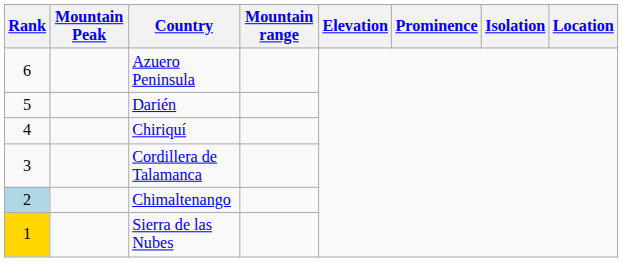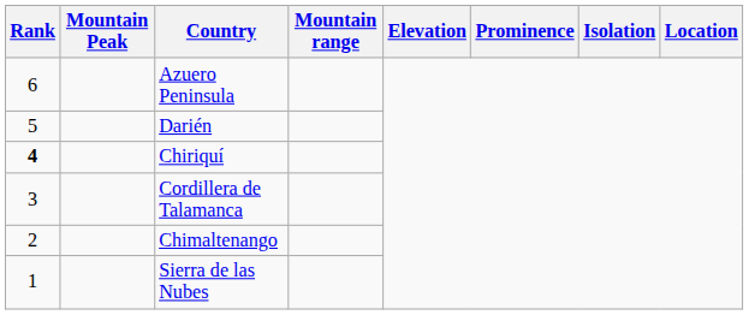 <table class="wikitable sortable">
 <tr>
 <th><a href='#'>Rank</a></th>
 <th><a href='#'>Mountain Peak</a></th>
 <th><a href='#'>Country</a></th>
 <th><a href='#'>Mountain range</a></th>
 <th><a href='#'>Elevation</a></th>
 <th><a href='#'>Prominence</a></th>
 <th><a href='#'>Isolation</a></th>
 <th><a href='#'>Location</a></th>
 </tr>
 <tr>
 <td align=center>6<br></td>
 <td></td>
 <td><a href='#'>Azuero Peninsula</a><br></td>
 <td></td>
 </tr>
 <tr>
 <td align=center>5<br></td>
 <td></td>
 <td><a href='#'>Darién</a><br></td>
 <td></td>
 </tr>
 <tr>
-<td align=center>4<br></td>
+<td align=center><strong>4<br></strong></td>
 <td></td>
 <td><a href='#'>Chiriquí</a><br></td>
 <td></td>
 </tr>
 <tr>
 <td align=center>3<br></td>
 <td></td>
 <td><a href='#'>Cordillera de Talamanca</a><br></td>
 <td></td>
 </tr>
 <tr>
-<td align=center style="background: lightblue;">2<br></td>
+<td align=center>2<br></td>
 <td></td>
 <td><a href='#'>Chimaltenango</a><br></td>
 <td></td>
 </tr>
 <tr>
-<td align=center style="background: gold;">1<br></td>
+<td align=center>1<br></td>
 <td></td>
 <td><a href='#'>Sierra de las Nubes</a><br></td>
 <td></td>
 </tr>
 </table>
